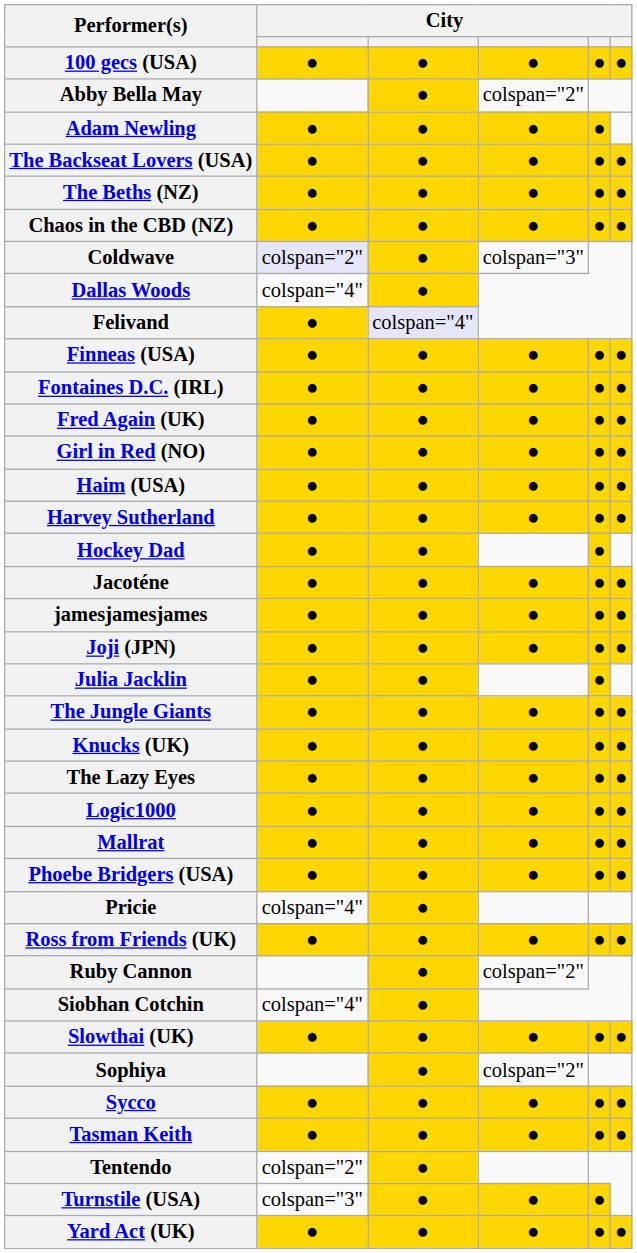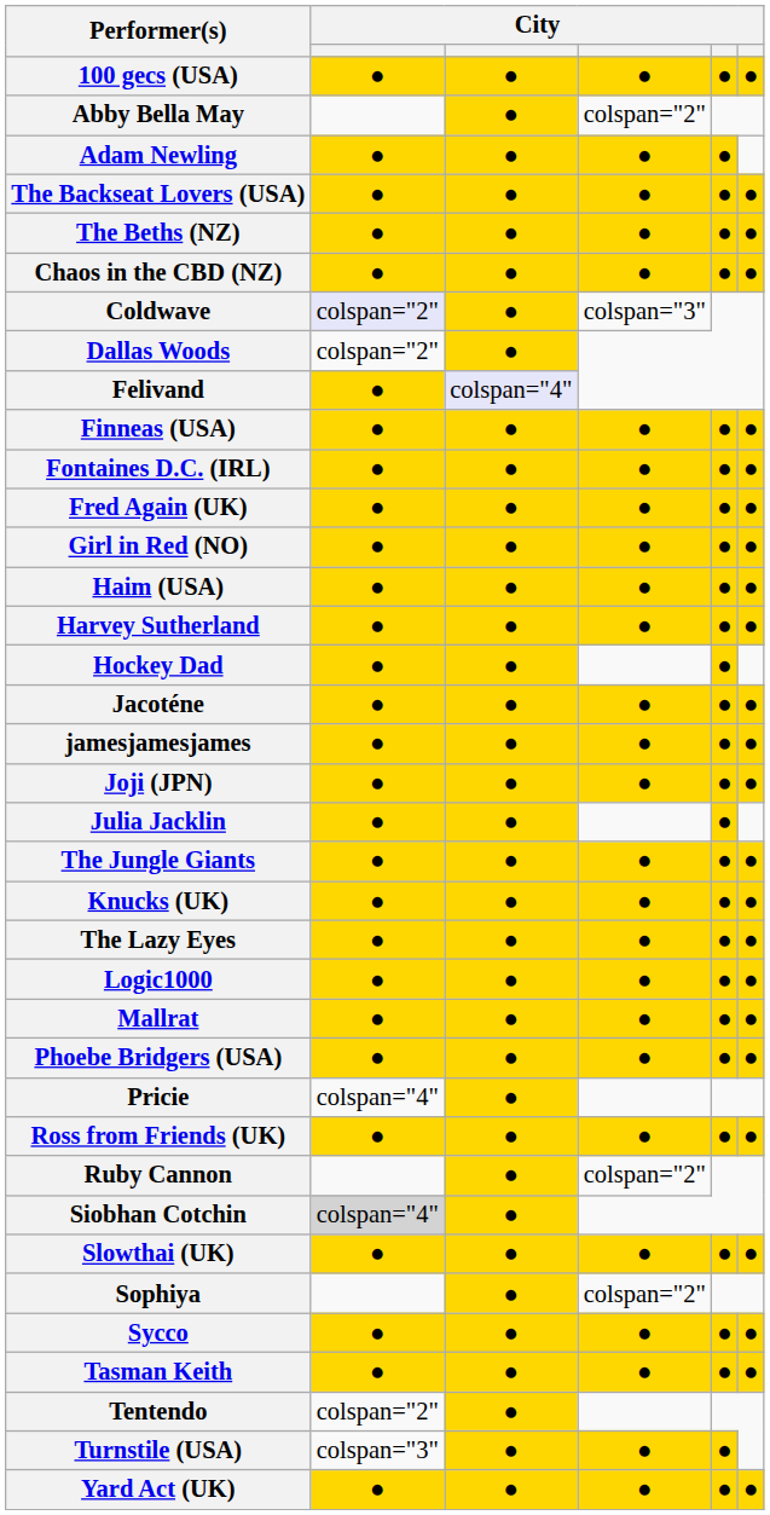 <table class="wikitable plainrowheaders" style="text-align:center">
 <tr>
 <th rowspan="2">Performer(s)</th>
 <th colspan="6">City</th>
 </tr>
 <tr>
 <th></th>
 <th></th>
 <th></th>
 <th></th>
 <th></th>
 </tr>
 <tr>
 <th scope="row"><a href='#'>100 gecs</a> (USA)</th>
 <td bgcolor="Gold">●</td>
 <td bgcolor="Gold">●</td>
 <td bgcolor="Gold">●</td>
 <td bgcolor="Gold">●</td>
 <td bgcolor="Gold">●</td>
 </tr>
 <tr>
 <th scope="row">Abby Bella May</th>
 <td></td>
 <td bgcolor="Gold">●</td>
 <td>colspan="2" </td>
 </tr>
 <tr>
 <th scope="row"><a href='#'>Adam Newling</a></th>
 <td bgcolor="Gold">●</td>
 <td bgcolor="Gold">●</td>
 <td bgcolor="Gold">●</td>
 <td bgcolor="Gold">●</td>
 <td></td>
 </tr>
 <tr>
 <th scope="row"><a href='#'>The Backseat Lovers</a> (USA)</th>
 <td bgcolor="Gold">●</td>
 <td bgcolor="Gold">●</td>
 <td bgcolor="Gold">●</td>
 <td bgcolor="Gold">●</td>
 <td bgcolor="Gold">●</td>
 </tr>
 <tr>
 <th scope="row"><a href='#'>The Beths</a> (NZ)</th>
 <td bgcolor="Gold">●</td>
 <td bgcolor="Gold">●</td>
 <td bgcolor="Gold">●</td>
 <td bgcolor="Gold">●</td>
 <td bgcolor="Gold">●</td>
 </tr>
 <tr>
 <th scope="row">Chaos in the CBD (NZ)</th>
 <td bgcolor="Gold">●</td>
 <td bgcolor="Gold">●</td>
 <td bgcolor="Gold">●</td>
 <td bgcolor="Gold">●</td>
 <td bgcolor="Gold">●</td>
 </tr>
 <tr>
 <th scope="row">Coldwave</th>
 <td style="background: lavender;">colspan="2" </td>
 <td bgcolor="Gold">●</td>
 <td>colspan="3" </td>
 </tr>
 <tr>
 <th scope="row"><a href='#'>Dallas Woods</a></th>
-<td>colspan="4" </td>
+<td>colspan="2" </td>
 <td bgcolor="Gold">●</td>
 </tr>
 <tr>
 <th scope="row">Felivand</th>
 <td bgcolor="Gold">●</td>
 <td style="background: lavender;">colspan="4" </td>
 </tr>
 <tr>
 <th scope="row"><a href='#'>Finneas</a> (USA)</th>
 <td bgcolor="Gold">●</td>
 <td bgcolor="Gold">●</td>
 <td bgcolor="Gold">●</td>
 <td bgcolor="Gold">●</td>
 <td bgcolor="Gold">●</td>
 </tr>
 <tr>
 <th scope="row"><a href='#'>Fontaines D.C.</a> (IRL)</th>
 <td bgcolor="Gold">●</td>
 <td bgcolor="Gold">●</td>
 <td bgcolor="Gold">●</td>
 <td bgcolor="Gold">●</td>
 <td bgcolor="Gold">●</td>
 </tr>
 <tr>
 <th scope="row"><a href='#'>Fred Again</a> (UK)</th>
 <td bgcolor="Gold">●</td>
 <td bgcolor="Gold">●</td>
 <td bgcolor="Gold">●</td>
 <td bgcolor="Gold">●</td>
 <td bgcolor="Gold">●</td>
 </tr>
 <tr>
 <th scope="row"><a href='#'>Girl in Red</a> (NO)</th>
 <td bgcolor="Gold">●</td>
 <td bgcolor="Gold">●</td>
 <td bgcolor="Gold">●</td>
 <td bgcolor="Gold">●</td>
 <td bgcolor="Gold">●</td>
 </tr>
 <tr>
 <th scope="row"><strong><a href='#'>Haim</a></strong> (USA)</th>
 <td bgcolor="Gold">●</td>
 <td bgcolor="Gold">●</td>
 <td bgcolor="Gold">●</td>
 <td bgcolor="Gold">●</td>
 <td bgcolor="Gold">●</td>
 </tr>
 <tr>
 <th scope="row"><a href='#'>Harvey Sutherland</a></th>
 <td bgcolor="Gold">●</td>
 <td bgcolor="Gold">●</td>
 <td bgcolor="Gold">●</td>
 <td bgcolor="Gold">●</td>
 <td bgcolor="Gold">●</td>
 </tr>
 <tr>
 <th scope="row"><a href='#'>Hockey Dad</a></th>
 <td bgcolor="Gold">●</td>
 <td bgcolor="Gold">●</td>
 <td></td>
 <td bgcolor="Gold">●</td>
 <td></td>
 </tr>
 <tr>
 <th scope="row">Jacoténe</th>
 <td bgcolor="Gold">●</td>
 <td bgcolor="Gold">●</td>
 <td bgcolor="Gold">●</td>
 <td bgcolor="Gold">●</td>
 <td bgcolor="Gold">●</td>
 </tr>
 <tr>
 <th scope="row">jamesjamesjames</th>
 <td bgcolor="Gold">●</td>
 <td bgcolor="Gold">●</td>
 <td bgcolor="Gold">●</td>
 <td bgcolor="Gold">●</td>
 <td bgcolor="Gold">●</td>
 </tr>
 <tr>
 <th scope="row"><strong><a href='#'>Joji</a></strong> (JPN)</th>
 <td bgcolor="Gold">●</td>
 <td bgcolor="Gold">●</td>
 <td bgcolor="Gold">●</td>
 <td bgcolor="Gold">●</td>
 <td bgcolor="Gold">●</td>
 </tr>
 <tr>
 <th scope="row"><a href='#'>Julia Jacklin</a></th>
 <td bgcolor="Gold">●</td>
 <td bgcolor="Gold">●</td>
 <td></td>
 <td bgcolor="Gold">●</td>
 <td></td>
 </tr>
 <tr>
 <th scope="row"><a href='#'>The Jungle Giants</a></th>
 <td bgcolor="Gold">●</td>
 <td bgcolor="Gold">●</td>
 <td bgcolor="Gold">●</td>
 <td bgcolor="Gold">●</td>
 <td bgcolor="Gold">●</td>
 </tr>
 <tr>
 <th scope="row"><a href='#'>Knucks</a> (UK)</th>
 <td bgcolor="Gold">●</td>
 <td bgcolor="Gold">●</td>
 <td bgcolor="Gold">●</td>
 <td bgcolor="Gold">●</td>
 <td bgcolor="Gold">●</td>
 </tr>
 <tr>
 <th scope="row">The Lazy Eyes</th>
 <td bgcolor="Gold">●</td>
 <td bgcolor="Gold">●</td>
 <td bgcolor="Gold">●</td>
 <td bgcolor="Gold">●</td>
 <td bgcolor="Gold">●</td>
 </tr>
 <tr>
 <th scope="row"><a href='#'>Logic1000</a></th>
 <td bgcolor="Gold">●</td>
 <td bgcolor="Gold">●</td>
 <td bgcolor="Gold">●</td>
 <td bgcolor="Gold">●</td>
 <td bgcolor="Gold">●</td>
 </tr>
 <tr>
 <th scope="row"><a href='#'>Mallrat</a></th>
 <td bgcolor="Gold">●</td>
 <td bgcolor="Gold">●</td>
 <td bgcolor="Gold">●</td>
 <td bgcolor="Gold">●</td>
 <td bgcolor="Gold">●</td>
 </tr>
 <tr>
 <th scope="row"><strong><a href='#'>Phoebe Bridgers</a></strong> (USA)</th>
 <td bgcolor="Gold">●</td>
 <td bgcolor="Gold">●</td>
 <td bgcolor="Gold">●</td>
 <td bgcolor="Gold">●</td>
 <td bgcolor="Gold">●</td>
 </tr>
 <tr>
 <th scope="row">Pricie</th>
 <td>colspan="4" </td>
 <td bgcolor="Gold">●</td>
 <td></td>
 </tr>
 <tr>
 <th scope="row"><a href='#'>Ross from Friends</a> (UK)</th>
 <td bgcolor="Gold">●</td>
 <td bgcolor="Gold">●</td>
 <td bgcolor="Gold">●</td>
 <td bgcolor="Gold">●</td>
 <td bgcolor="Gold">●</td>
 </tr>
 <tr>
 <th scope="row">Ruby Cannon</th>
 <td></td>
 <td bgcolor="Gold">●</td>
 <td>colspan="2" </td>
 </tr>
 <tr>
 <th scope="row">Siobhan Cotchin</th>
-<td>colspan="4" </td>
+<td style="background: lightgrey;">colspan="4" </td>
 <td bgcolor="Gold">●</td>
 </tr>
 <tr>
 <th scope="row"><a href='#'>Slowthai</a> (UK)</th>
 <td bgcolor="Gold">●</td>
 <td bgcolor="Gold">●</td>
 <td bgcolor="Gold">●</td>
 <td bgcolor="Gold">●</td>
 <td bgcolor="Gold">●</td>
 </tr>
 <tr>
 <th scope="row">Sophiya</th>
 <td></td>
 <td bgcolor="Gold">●</td>
 <td>colspan="2" </td>
 </tr>
 <tr>
 <th scope="row"><a href='#'>Sycco</a></th>
 <td bgcolor="Gold">●</td>
 <td bgcolor="Gold">●</td>
 <td bgcolor="Gold">●</td>
 <td bgcolor="Gold">●</td>
 <td bgcolor="Gold">●</td>
 </tr>
 <tr>
 <th scope="row"><a href='#'>Tasman Keith</a></th>
 <td bgcolor="Gold">●</td>
 <td bgcolor="Gold">●</td>
 <td bgcolor="Gold">●</td>
 <td bgcolor="Gold">●</td>
 <td bgcolor="Gold">●</td>
 </tr>
 <tr>
 <th scope="row">Tentendo</th>
 <td>colspan="2" </td>
 <td bgcolor="Gold">●</td>
 <td></td>
 </tr>
 <tr>
 <th scope="row"><a href='#'>Turnstile</a> (USA)</th>
 <td>colspan="3" </td>
 <td bgcolor="Gold">●</td>
 <td bgcolor="Gold">●</td>
 <td bgcolor="Gold">●</td>
 </tr>
 <tr>
 <th scope="row"><a href='#'>Yard Act</a> (UK)</th>
 <td bgcolor="Gold">●</td>
 <td bgcolor="Gold">●</td>
 <td bgcolor="Gold">●</td>
 <td bgcolor="Gold">●</td>
 <td bgcolor="Gold">●</td>
 </tr>
 <tr>
 </tr>
 </table>
